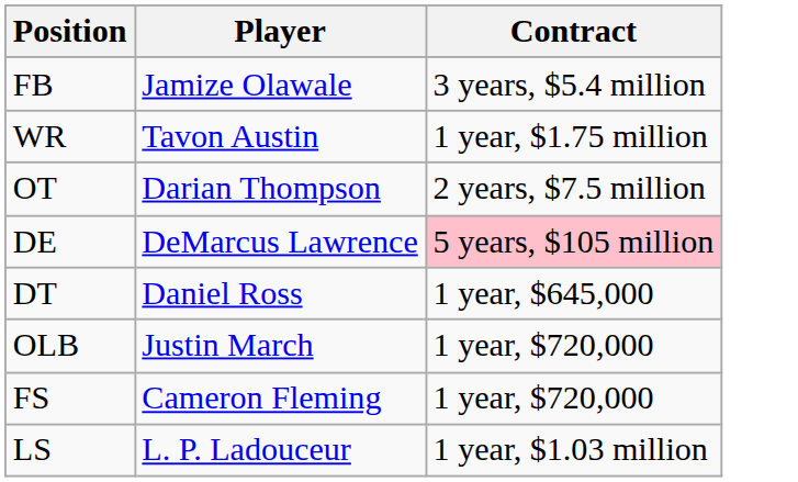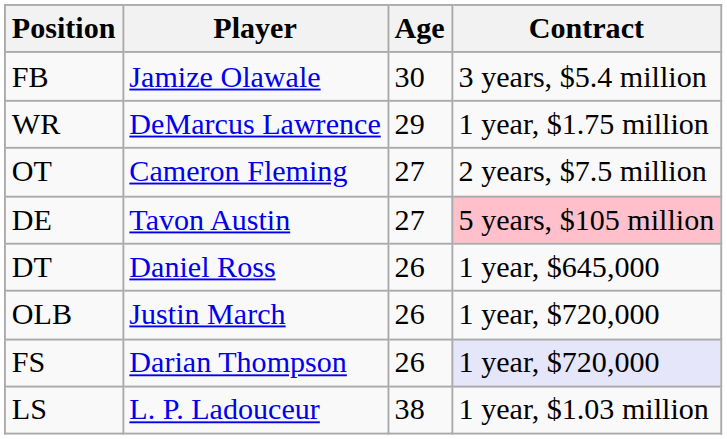 <table class="wikitable">
 <tr>
 <th>Position</th>
 <th>Player</th>
+<th>Age</th>
 <th>Contract</th>
 </tr>
 <tr>
 <td>FB</td>
 <td><a href='#'>Jamize Olawale</a></td>
+<td>30</td>
 <td>3 years, $5.4 million</td>
 </tr>
 <tr>
 <td>WR</td>
-<td><a href='#'>Tavon Austin</a></td>
+<td><a href='#'>DeMarcus Lawrence</a></td>
+<td>29</td>
 <td>1 year, $1.75 million</td>
 </tr>
 <tr>
 <td>OT</td>
-<td><a href='#'>Darian Thompson</a></td>
+<td><a href='#'>Cameron Fleming</a></td>
+<td>27</td>
 <td>2 years, $7.5 million</td>
 </tr>
 <tr>
 <td>DE</td>
-<td><a href='#'>DeMarcus Lawrence</a></td>
+<td><a href='#'>Tavon Austin</a></td>
+<td>27</td>
 <td style="background: pink;">5 years, $105 million</td>
 </tr>
 <tr>
 <td>DT</td>
 <td><a href='#'>Daniel Ross</a></td>
+<td>26</td>
 <td>1 year, $645,000</td>
 </tr>
 <tr>
 <td>OLB</td>
 <td><a href='#'>Justin March</a></td>
+<td>26</td>
 <td>1 year, $720,000</td>
 </tr>
 <tr>
 <td>FS</td>
-<td><a href='#'>Cameron Fleming</a></td>
-<td>1 year, $720,000</td>
+<td><a href='#'>Darian Thompson</a></td>
+<td>26</td>
+<td style="background: lavender;">1 year, $720,000</td>
 </tr>
 <tr>
 <td>LS</td>
 <td><a href='#'>L. P. Ladouceur</a></td>
+<td>38</td>
 <td>1 year, $1.03 million</td>
 </tr>
 </table>
